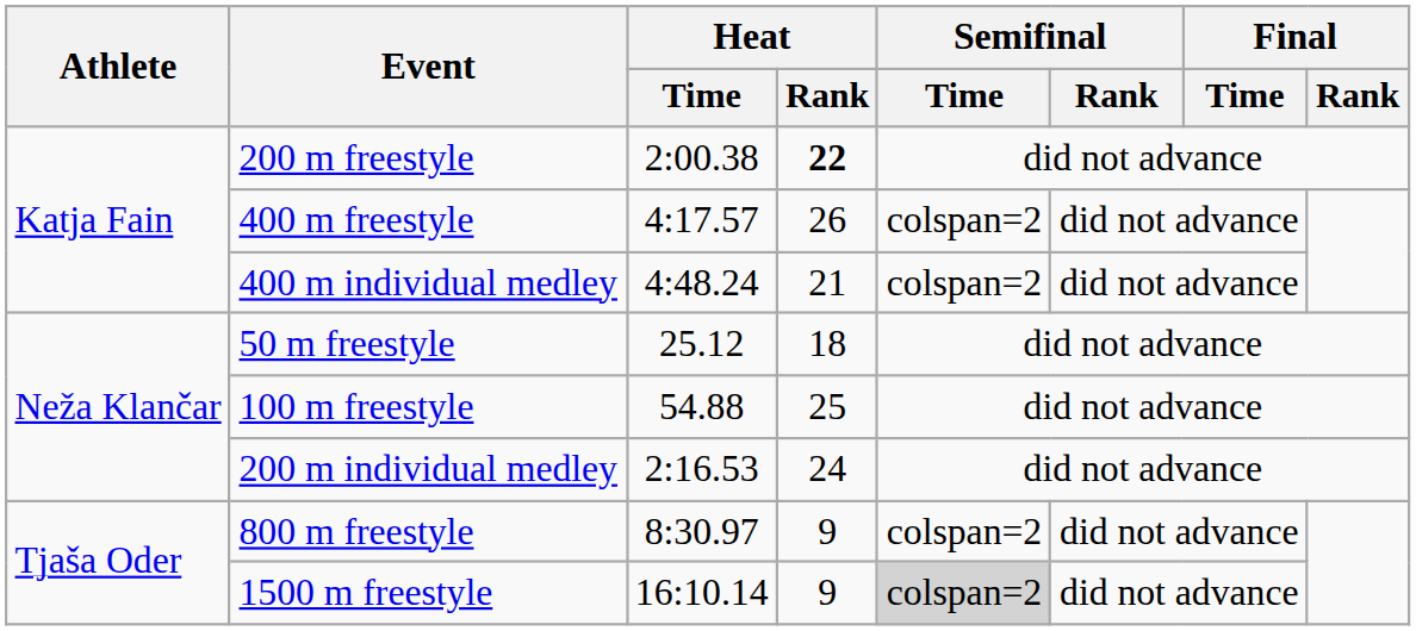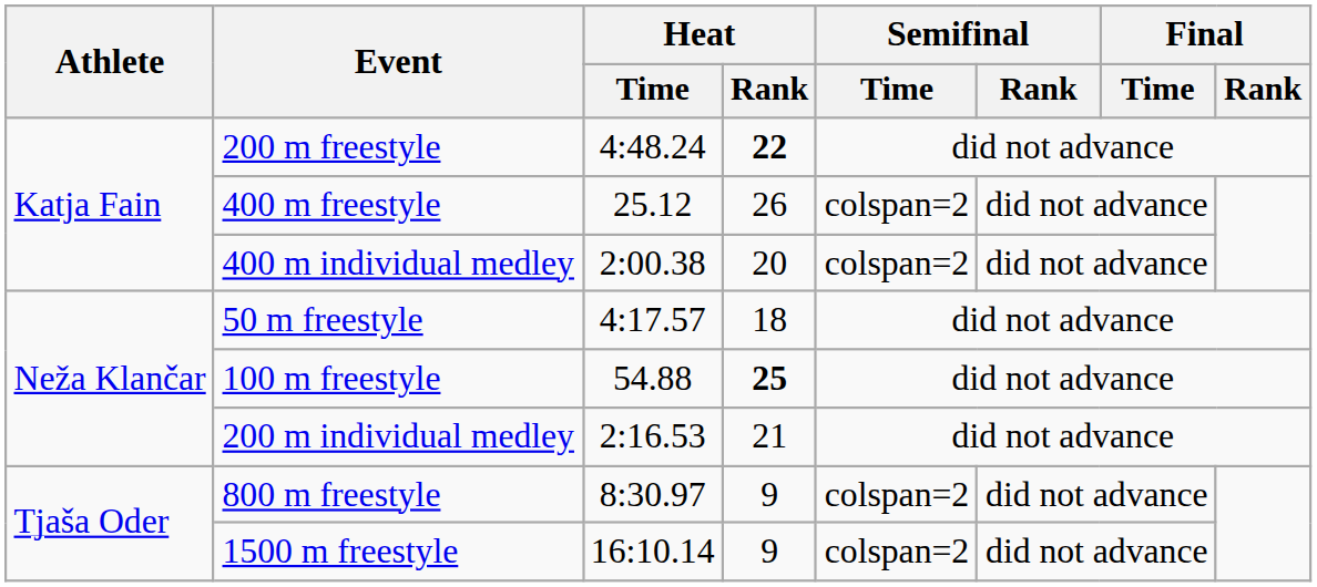 <table class="wikitable" style="text-align:center; font-size:90%">
 <tr>
 <th rowspan="2">Athlete</th>
 <th rowspan="2">Event</th>
 <th colspan="2">Heat</th>
 <th colspan="2">Semifinal</th>
 <th colspan="2">Final</th>
 </tr>
 <tr style="font-size:95%">
 <th>Time</th>
 <th>Rank</th>
 <th>Time</th>
 <th>Rank</th>
 <th>Time</th>
 <th>Rank</th>
 </tr>
 <tr>
 <td align=left rowspan=3><a href='#'>Katja Fain</a></td>
 <td align=left><a href='#'>200 m freestyle</a></td>
-<td>2:00.38</td>
+<td>4:48.24</td>
 <td><strong>22</strong></td>
 <td colspan=4>did not advance</td>
 </tr>
 <tr>
 <td align=left><a href='#'>400 m freestyle</a></td>
-<td>4:17.57</td>
+<td>25.12</td>
 <td>26</td>
 <td>colspan=2 </td>
 <td colspan=2>did not advance</td>
 </tr>
 <tr>
 <td align=left><a href='#'>400 m individual medley</a></td>
-<td>4:48.24</td>
-<td>21</td>
+<td>2:00.38</td>
+<td>20</td>
 <td>colspan=2 </td>
 <td colspan=2>did not advance</td>
 </tr>
 <tr>
 <td align=left rowspan=3><a href='#'>Neža Klančar</a></td>
 <td align=left><a href='#'>50 m freestyle</a></td>
-<td>25.12</td>
+<td>4:17.57</td>
 <td>18</td>
 <td colspan=4>did not advance</td>
 </tr>
 <tr>
 <td align=left><a href='#'>100 m freestyle</a></td>
 <td>54.88</td>
-<td>25</td>
+<td><strong>25</strong></td>
 <td colspan=4>did not advance</td>
 </tr>
 <tr>
 <td align=left><a href='#'>200 m individual medley</a></td>
 <td>2:16.53</td>
-<td>24</td>
+<td>21</td>
 <td colspan=4>did not advance</td>
 </tr>
 <tr>
 <td align=left rowspan=2><a href='#'>Tjaša Oder</a></td>
 <td align=left><a href='#'>800 m freestyle</a></td>
 <td>8:30.97</td>
 <td>9</td>
 <td>colspan=2 </td>
 <td colspan=2>did not advance</td>
 </tr>
 <tr>
 <td align=left><a href='#'>1500 m freestyle</a></td>
 <td>16:10.14</td>
 <td>9</td>
-<td style="background: lightgrey;">colspan=2 </td>
+<td>colspan=2 </td>
 <td colspan=2>did not advance</td>
 </tr>
 </table>
